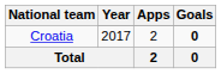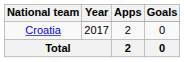 <table class="wikitable" style="text-align: center;">
 <tr>
 <th>National team</th>
 <th>Year</th>
 <th>Apps</th>
 <th>Goals</th>
 </tr>
 <tr>
 <td rowspan="2"><a href='#'>Croatia</a></td>
 </tr>
 <tr>
 <td>2017</td>
 <td>2</td>
-<td><strong>0</strong></td>
+<td>0</td>
 </tr>
 <tr>
 <th colspan="2">Total</th>
 <th>2</th>
 <th>0</th>
 </tr>
 </table>
